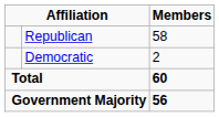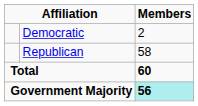 <table class="wikitable">
 <tr>
 <td colspan="2" rowspan="1" align="center" valign="top"><strong>Affiliation</strong></td>
 <td style="vertical-align:top;"><strong>Members</strong></td>
 </tr>
 <tr>
 <td style="background-color:"> </td>
-<td><a href='#'>Republican</a></td>
-<td>58</td>
+<td><a href='#'>Democratic</a></td>
+<td>2</td>
 </tr>
 <tr>
 <td style="background-color:"> </td>
-<td><a href='#'>Democratic</a></td>
-<td>2</td>
+<td><a href='#'>Republican</a></td>
+<td>58</td>
 </tr>
 <tr>
 <td colspan="2" rowspan="1"> <strong>Total</strong></td>
 <td><strong>60</strong></td>
 </tr>
 <tr>
 <td colspan="2" rowspan="1"> <strong>Government Majority</strong></td>
-<td><strong>56</strong></td>
+<td style="background: paleturquoise;"><strong>56</strong></td>
 </tr>
 </table>
